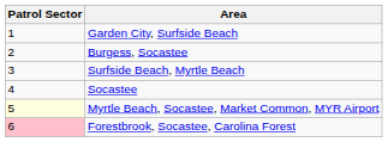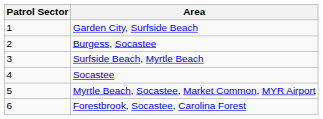 <table class=wikitable>
 <tr style="background:#ccc;">
 <th><strong> Patrol Sector</strong></th>
 <th><strong>Area</strong></th>
 </tr>
 <tr>
 <td>1</td>
 <td><a href='#'>Garden City</a>, <a href='#'>Surfside Beach</a></td>
 </tr>
 <tr>
 <td>2</td>
 <td><a href='#'>Burgess</a>, <a href='#'>Socastee</a></td>
 </tr>
 <tr>
 <td>3</td>
 <td><a href='#'>Surfside Beach</a>, <a href='#'>Myrtle Beach</a></td>
 </tr>
 <tr>
 <td>4</td>
 <td><a href='#'>Socastee</a></td>
 </tr>
 <tr>
-<td style="background: lightyellow;">5</td>
+<td>5</td>
 <td><a href='#'>Myrtle Beach</a>, <a href='#'>Socastee</a>, <a href='#'>Market Common</a>, <a href='#'>MYR Airport</a></td>
 </tr>
 <tr>
-<td style="background: pink;">6</td>
+<td>6</td>
 <td><a href='#'>Forestbrook</a>, <a href='#'>Socastee</a>, <a href='#'>Carolina Forest</a></td>
 </tr>
 </table>
